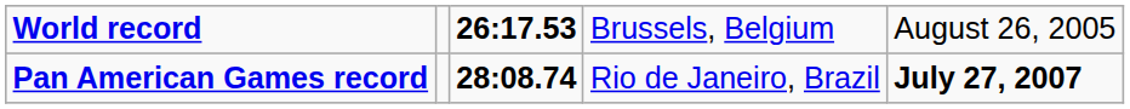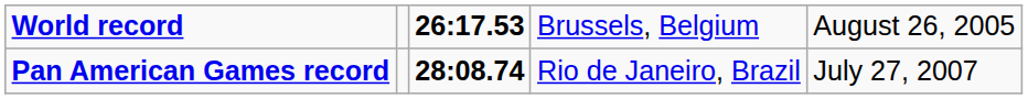 <table class="wikitable">
 <tr>
 <td><strong><a href='#'>World record</a></strong></td>
 <td></td>
 <td><strong>26:17.53</strong></td>
 <td><a href='#'>Brussels</a>, <a href='#'>Belgium</a></td>
 <td>August 26, 2005</td>
 </tr>
 <tr>
 <td><strong><a href='#'>Pan American Games record</a></strong></td>
 <td></td>
 <td><strong>28:08.74</strong></td>
 <td><a href='#'>Rio de Janeiro</a>, <a href='#'>Brazil</a></td>
-<td><strong>July 27, 2007</strong></td>
+<td>July 27, 2007</td>
 </tr>
 </table>
